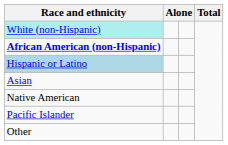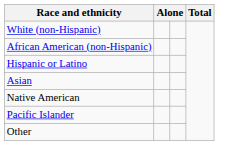 <table class="wikitable sortable" ; text-align:right; font-size:80%;">
 <tr>
 <th>Race and ethnicity</th>
 <th colspan="2" data-sort-type="number">Alone</th>
 <th colspan="2" data-sort-type="number">Total</th>
 </tr>
 <tr>
-<td style="background: paleturquoise;"><a href='#'>White (non-Hispanic)</a></td>
+<td><a href='#'>White (non-Hispanic)</a></td>
 <td align=right></td>
 <td align=right></td>
 </tr>
 <tr>
-<td><strong><a href='#'>African American (non-Hispanic)</a></strong></td>
+<td><a href='#'>African American (non-Hispanic)</a></td>
 <td align=right></td>
 <td align=right></td>
 </tr>
 <tr>
-<td style="background: lightblue;"><a href='#'>Hispanic or Latino</a></td>
+<td><a href='#'>Hispanic or Latino</a></td>
 <td align=right></td>
 <td align=right></td>
 </tr>
 <tr>
 <td><a href='#'>Asian</a></td>
 <td align=right></td>
 <td align=right></td>
 </tr>
 <tr>
 <td>Native American</td>
 <td align=right></td>
 <td align=right></td>
 </tr>
 <tr>
 <td><a href='#'>Pacific Islander</a></td>
 <td align=right></td>
 <td align=right></td>
 </tr>
 <tr>
 <td>Other</td>
 <td align=right></td>
 <td align=right></td>
 </tr>
 </table>
